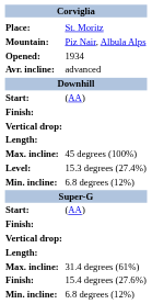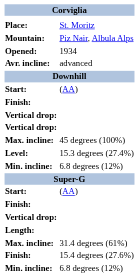 <table border=0 class="toccolours float-right" align="right" style="margin:0 0 0.5em 1em; font-size: 85%;">
 <tr>
 <th bgcolor=#b0c4de colspan=2 align="center">Corviglia</th>
 </tr>
 <tr>
 <td align="center" colspan=2></td>
 </tr>
 <tr>
 <td><strong>Place:</strong></td>
 <td> <a href='#'>St. Moritz</a></td>
 </tr>
 <tr>
 <td><strong>Mountain:</strong></td>
 <td><a href='#'>Piz Nair</a>, <a href='#'>Albula Alps</a></td>
 </tr>
 <tr>
 <td><strong>Opened:</strong></td>
 <td>1934</td>
 </tr>
 <tr>
 <td><strong>Avr. incline:</strong></td>
 <td> advanced</td>
 </tr>
 <tr>
 <th bgcolor=#b0c4de colspan=2 align="center">Downhill</th>
 </tr>
 <tr>
 <td><strong>Start:</strong></td>
 <td> (<a href='#'>AA</a>)</td>
 </tr>
 <tr>
 <td><strong>Finish:</strong></td>
 <td></td>
 </tr>
 <tr>
 <td><strong>Vertical drop:</strong></td>
 <td></td>
 </tr>
 <tr>
-<td><strong>Length:</strong></td>
+<td><strong>Vertical drop:</strong></td>
 <td></td>
 </tr>
 <tr>
 <td><strong>Max. incline:</strong></td>
 <td>45 degrees (100%)</td>
 </tr>
 <tr>
 <td><strong>Level:</strong></td>
 <td>15.3 degrees (27.4%)</td>
 </tr>
 <tr>
 <td><strong>Min. incline:</strong></td>
 <td>6.8 degrees (12%)</td>
 </tr>
 <tr>
 <th bgcolor=#b0c4de colspan=2 align="center">Super-G</th>
 </tr>
 <tr>
 <td><strong>Start:</strong></td>
 <td> (<a href='#'>AA</a>)</td>
 </tr>
 <tr>
 <td><strong>Finish:</strong></td>
 <td></td>
 </tr>
 <tr>
 <td><strong>Vertical drop:</strong></td>
 <td></td>
 </tr>
 <tr>
 <td><strong>Length:</strong></td>
 <td></td>
 </tr>
 <tr>
 <td><strong>Max. incline:</strong></td>
 <td>31.4 degrees (61%)</td>
 </tr>
 <tr>
 <td><strong>Finish:</strong></td>
 <td>15.4 degrees (27.6%)</td>
 </tr>
 <tr>
 <td><strong>Min. incline:</strong></td>
 <td>6.8 degrees (12%)</td>
 </tr>
 </table>
